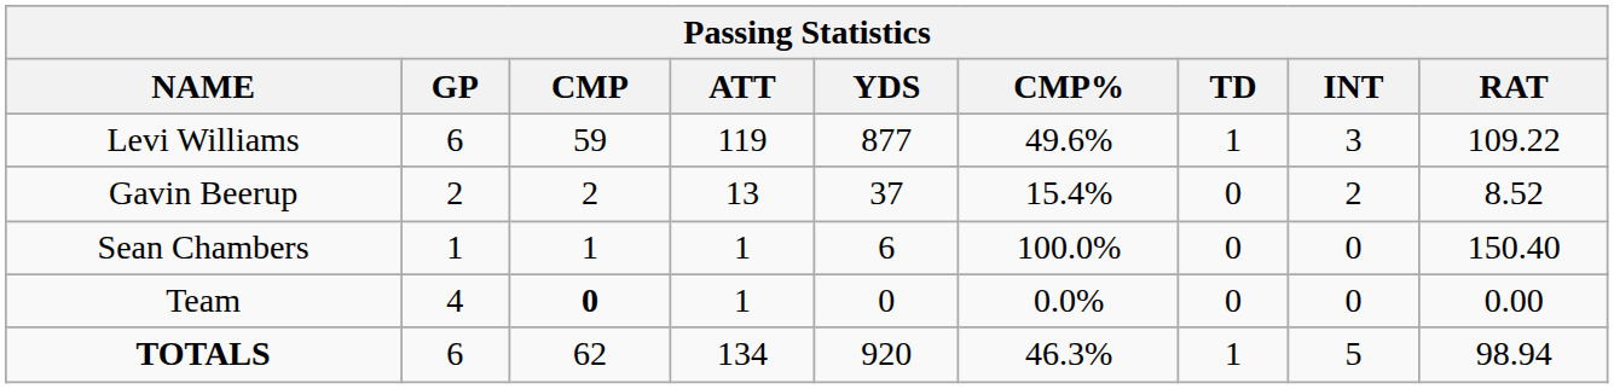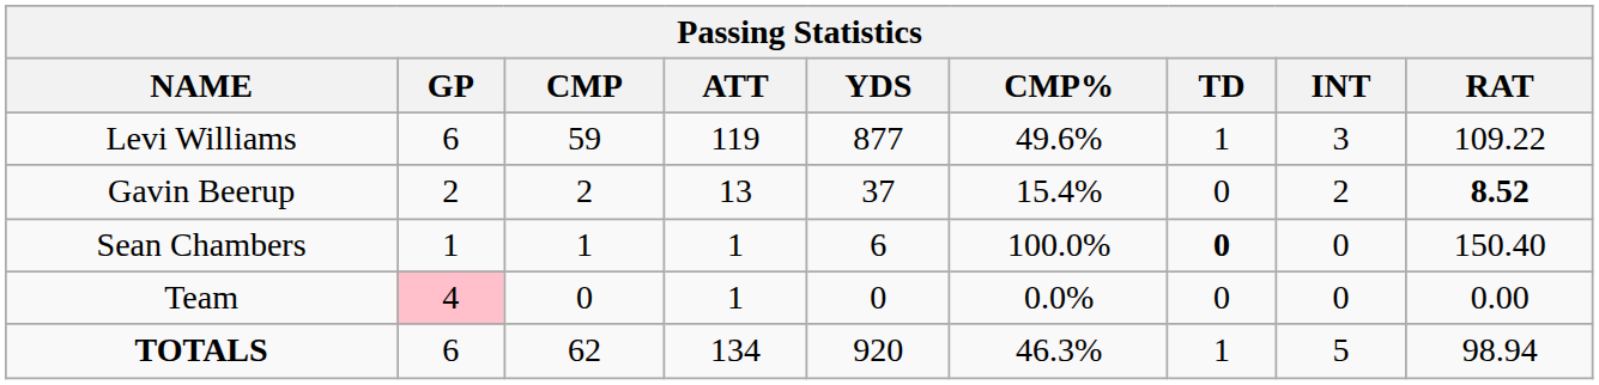 <table style="width:60%; text-align:center;" class="wikitable collapsible collapsed">
 <tr>
 <th colspan="10">Passing Statistics</th>
 </tr>
 <tr>
 <th>NAME</th>
 <th>GP</th>
 <th>CMP</th>
 <th>ATT</th>
 <th>YDS</th>
 <th>CMP%</th>
 <th>TD</th>
 <th>INT</th>
 <th>RAT</th>
 </tr>
 <tr>
 <td>Levi Williams</td>
 <td>6</td>
 <td>59</td>
 <td>119</td>
 <td>877</td>
 <td>49.6%</td>
 <td>1</td>
 <td>3</td>
 <td>109.22</td>
 </tr>
 <tr>
 <td>Gavin Beerup</td>
 <td>2</td>
 <td>2</td>
 <td>13</td>
 <td>37</td>
 <td>15.4%</td>
 <td>0</td>
 <td>2</td>
-<td>8.52</td>
+<td><strong>8.52</strong></td>
 </tr>
 <tr>
 <td>Sean Chambers</td>
 <td>1</td>
 <td>1</td>
 <td>1</td>
 <td>6</td>
 <td>100.0%</td>
-<td>0</td>
+<td><strong>0</strong></td>
 <td>0</td>
 <td>150.40</td>
 </tr>
 <tr>
 <td>Team</td>
-<td>4</td>
-<td><strong>0</strong></td>
+<td style="background: pink;">4</td>
+<td>0</td>
 <td>1</td>
 <td>0</td>
 <td>0.0%</td>
 <td>0</td>
 <td>0</td>
 <td>0.00</td>
 </tr>
 <tr>
 <td><strong>TOTALS</strong></td>
 <td>6</td>
 <td>62</td>
 <td>134</td>
 <td>920</td>
 <td>46.3%</td>
 <td>1</td>
 <td>5</td>
 <td>98.94</td>
 </tr>
 </table>
